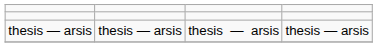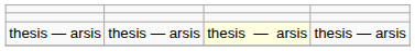 <table class="wikitable" style="margin-left: 1em;">
 <tr>
 <td></td>
 <td></td>
 <td></td>
 <td></td>
 </tr>
 <tr>
 <td></td>
 <td></td>
 <td></td>
 <td></td>
 </tr>
 <tr style="font-size: 0.8em;">
 <td>thesis — arsis</td>
 <td>thesis — arsis</td>
-<td>thesis  —  arsis</td>
+<td style="background: lightyellow;">thesis  —  arsis</td>
 <td>thesis — arsis</td>
 </tr>
 <tr>
 </tr>
 </table>
